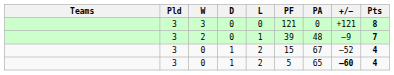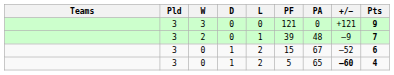 <table class="wikitable" style="text-align: center;">
 <tr>
 <th width="245">Teams</th>
 <th width="40">Pld</th>
 <th width="40">W</th>
 <th width="40">D</th>
 <th width="40">L</th>
 <th width="40">PF</th>
 <th width="40">PA</th>
 <th width="40">+/−</th>
 <th width="40">Pts</th>
 </tr>
 <tr bgcolor=ccffcc>
 <td align=left></td>
 <td>3</td>
 <td>3</td>
 <td>0</td>
 <td>0</td>
 <td>121</td>
 <td>0</td>
 <td>+121</td>
-<td><strong>8</strong></td>
+<td><strong>9</strong></td>
 </tr>
 <tr bgcolor=ccffcc>
 <td align=left></td>
 <td>3</td>
 <td>2</td>
 <td>0</td>
 <td>1</td>
 <td>39</td>
 <td>48</td>
 <td>–9</td>
 <td><strong>7</strong></td>
 </tr>
 <tr>
 <td align=left></td>
 <td>3</td>
 <td>0</td>
 <td>1</td>
 <td>2</td>
 <td>15</td>
 <td>67</td>
 <td>–52</td>
-<td><strong>4</strong></td>
+<td><strong>6</strong></td>
 </tr>
 <tr>
 <td align=left></td>
 <td>3</td>
 <td>0</td>
 <td>1</td>
 <td>2</td>
 <td>5</td>
 <td>65</td>
 <td><strong>–60</strong></td>
 <td><strong>4</strong></td>
 </tr>
 </table>
